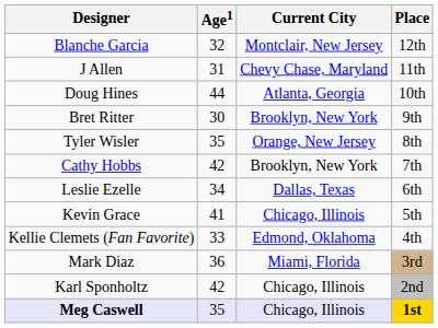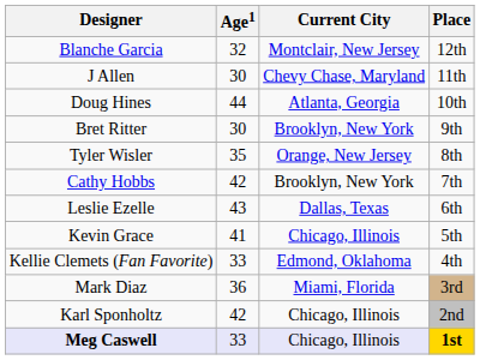 <table class="wikitable sortable" style="text-align:center">
 <tr>
 <th>Designer</th>
 <th>Age<sup>1</sup></th>
 <th>Current City</th>
 <th>Place</th>
 </tr>
 <tr>
 <td><a href='#'>Blanche Garcia</a></td>
 <td>32</td>
 <td><a href='#'>Montclair, New Jersey</a></td>
 <td>12th</td>
 </tr>
 <tr>
 <td>J Allen</td>
-<td>31</td>
+<td>30</td>
 <td><a href='#'>Chevy Chase, Maryland</a></td>
 <td>11th</td>
 </tr>
 <tr>
 <td>Doug Hines</td>
 <td>44</td>
 <td><a href='#'>Atlanta, Georgia</a></td>
 <td>10th</td>
 </tr>
 <tr>
 <td>Bret Ritter</td>
 <td>30</td>
 <td><a href='#'>Brooklyn, New York</a></td>
 <td>9th</td>
 </tr>
 <tr>
 <td>Tyler Wisler</td>
 <td>35</td>
 <td><a href='#'>Orange, New Jersey</a></td>
 <td>8th</td>
 </tr>
 <tr>
 <td><a href='#'>Cathy Hobbs</a></td>
 <td>42</td>
 <td>Brooklyn, New York</td>
 <td>7th</td>
 </tr>
 <tr>
 <td>Leslie Ezelle</td>
-<td>34</td>
+<td>43</td>
 <td><a href='#'>Dallas, Texas</a></td>
 <td>6th</td>
 </tr>
 <tr>
 <td>Kevin Grace</td>
 <td>41</td>
 <td><a href='#'>Chicago, Illinois</a></td>
 <td>5th</td>
 </tr>
 <tr>
 <td>Kellie Clemets (<em>Fan Favorite</em>)</td>
 <td>33</td>
 <td><a href='#'>Edmond, Oklahoma</a></td>
 <td>4th</td>
 </tr>
 <tr>
 <td>Mark Diaz</td>
 <td>36</td>
 <td><a href='#'>Miami, Florida</a></td>
 <td bgcolor="tan">3rd</td>
 </tr>
 <tr>
 <td>Karl Sponholtz</td>
 <td>42</td>
 <td>Chicago, Illinois</td>
 <td bgcolor="silver">2nd</td>
 </tr>
 <tr>
 <td bgcolor="lavender"><strong>Meg Caswell</strong></td>
-<td bgcolor="lavender">35</td>
+<td bgcolor="lavender">33</td>
 <td bgcolor="lavender">Chicago, Illinois</td>
 <td bgcolor="gold"><strong>1st</strong></td>
 </tr>
 </table>
